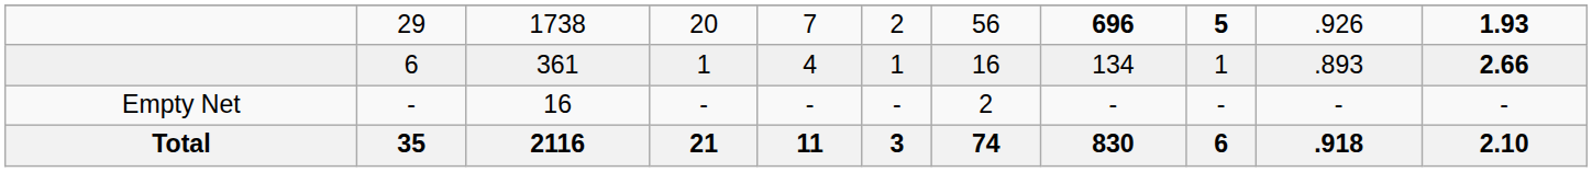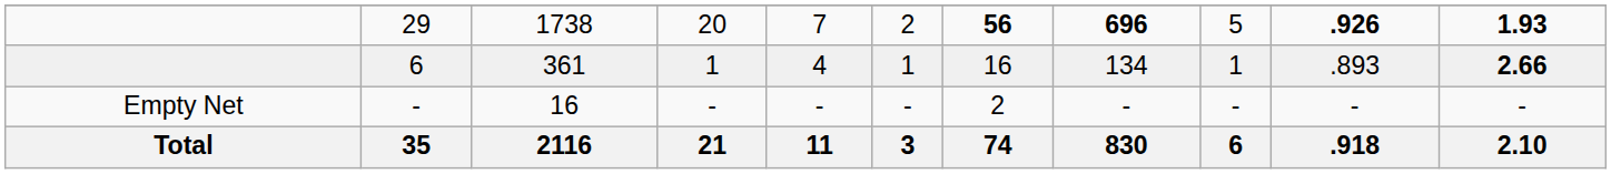 <table class="wikitable sortable" width ="1000">
 <tr align="center">
 </tr>
 <tr align="center" bgcolor="">
 <td></td>
 <td>29</td>
 <td>1738</td>
 <td>20</td>
 <td>7</td>
 <td>2</td>
-<td>56</td>
+<td><strong>56</strong></td>
 <td><strong>696</strong></td>
-<td><strong>5</strong></td>
-<td>.926</td>
+<td>5</td>
+<td><strong>.926</strong></td>
 <td><strong>1.93</strong></td>
 </tr>
 <tr align="center" bgcolor="f0f0f0">
 <td></td>
 <td>6</td>
 <td>361</td>
 <td>1</td>
 <td>4</td>
 <td>1</td>
 <td>16</td>
 <td>134</td>
 <td>1</td>
 <td>.893</td>
 <td><strong>2.66</strong></td>
 </tr>
 <tr align="center" bgcolor="">
 <td>Empty Net</td>
 <td>-</td>
 <td>16</td>
 <td>-</td>
 <td>-</td>
 <td>-</td>
 <td>2</td>
 <td>-</td>
 <td>-</td>
 <td>-</td>
 <td>-</td>
 </tr>
 <tr>
 <th>Total</th>
 <th>35</th>
 <th>2116</th>
 <th>21</th>
 <th>11</th>
 <th>3</th>
 <th>74</th>
 <th>830</th>
 <th>6</th>
 <th>.918</th>
 <th>2.10</th>
 </tr>
 </table>
